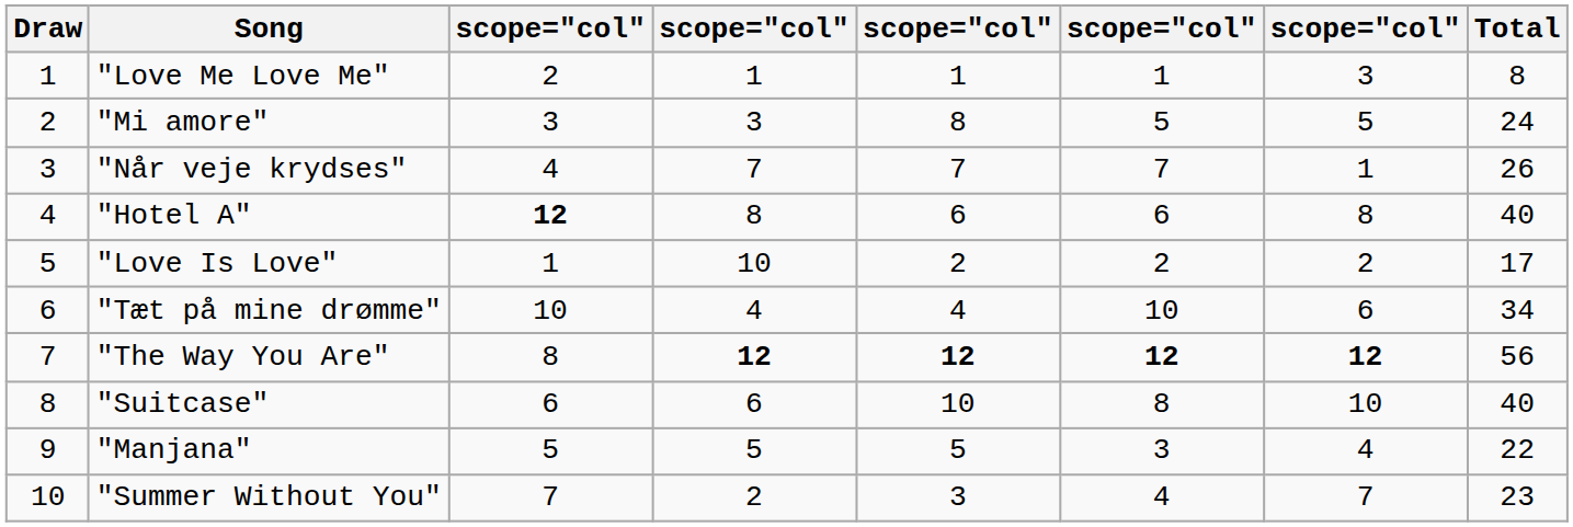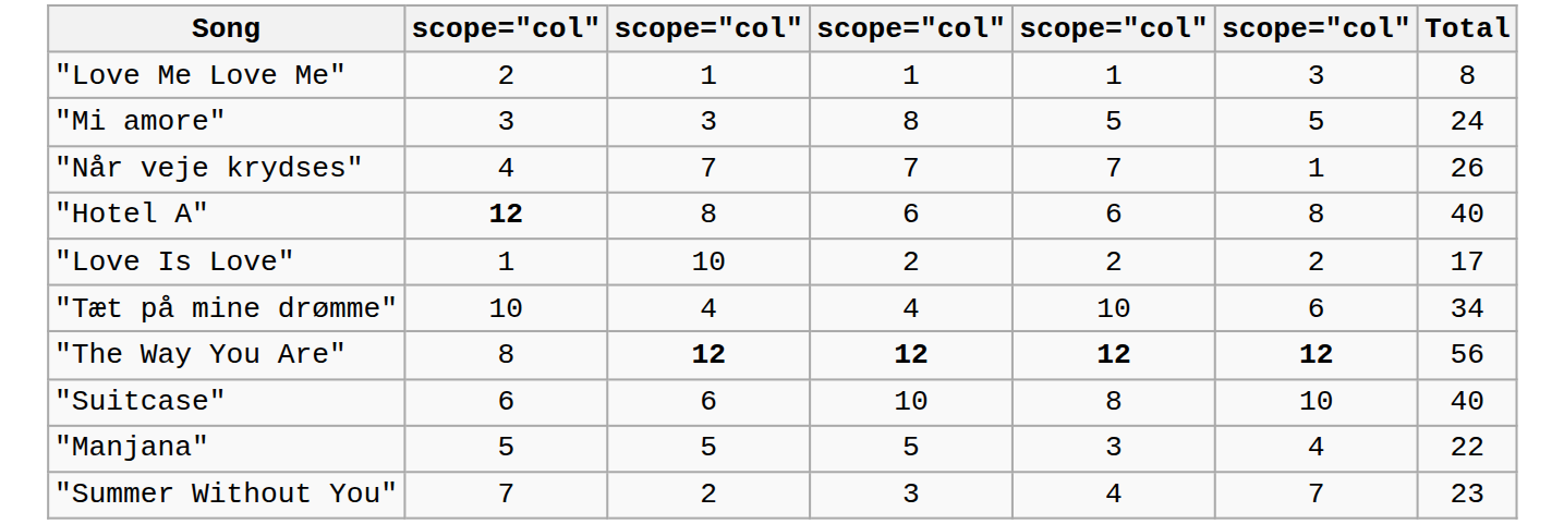 <table class="wikitable collapsible" style="margin: 1em auto 1em auto; text-align:center;">
 <tr>
-<th>Draw</th>
 <th>Song</th>
 <th>scope="col" </th>
 <th>scope="col" </th>
 <th>scope="col" </th>
 <th>scope="col" </th>
 <th>scope="col" </th>
 <th>Total</th>
 </tr>
 <tr>
-<td>1</td>
 <td align="left">"Love Me Love Me"</td>
 <td>2</td>
 <td>1</td>
 <td>1</td>
 <td>1</td>
 <td>3</td>
 <td>8</td>
 </tr>
 <tr>
-<td>2</td>
 <td align="left">"Mi amore"</td>
 <td>3</td>
 <td>3</td>
 <td>8</td>
 <td>5</td>
 <td>5</td>
 <td>24</td>
 </tr>
 <tr>
-<td>3</td>
 <td align="left">"Når veje krydses"</td>
 <td>4</td>
 <td>7</td>
 <td>7</td>
 <td>7</td>
 <td>1</td>
 <td>26</td>
 </tr>
 <tr>
-<td>4</td>
 <td align="left">"Hotel A"</td>
 <td><strong>12</strong></td>
 <td>8</td>
 <td>6</td>
 <td>6</td>
 <td>8</td>
 <td>40</td>
 </tr>
 <tr>
-<td>5</td>
 <td align="left">"Love Is Love"</td>
 <td>1</td>
 <td>10</td>
 <td>2</td>
 <td>2</td>
 <td>2</td>
 <td>17</td>
 </tr>
 <tr>
-<td>6</td>
 <td align="left">"Tæt på mine drømme"</td>
 <td>10</td>
 <td>4</td>
 <td>4</td>
 <td>10</td>
 <td>6</td>
 <td>34</td>
 </tr>
 <tr>
-<td>7</td>
 <td align="left">"The Way You Are"</td>
 <td>8</td>
 <td><strong>12</strong></td>
 <td><strong>12</strong></td>
 <td><strong>12</strong></td>
 <td><strong>12</strong></td>
 <td>56</td>
 </tr>
 <tr>
-<td>8</td>
 <td align="left">"Suitcase"</td>
 <td>6</td>
 <td>6</td>
 <td>10</td>
 <td>8</td>
 <td>10</td>
 <td>40</td>
 </tr>
 <tr>
-<td>9</td>
 <td align="left">"Manjana"</td>
 <td>5</td>
 <td>5</td>
 <td>5</td>
 <td>3</td>
 <td>4</td>
 <td>22</td>
 </tr>
 <tr>
-<td>10</td>
 <td align="left">"Summer Without You"</td>
 <td>7</td>
 <td>2</td>
 <td>3</td>
 <td>4</td>
 <td>7</td>
 <td>23</td>
 </tr>
 </table>
